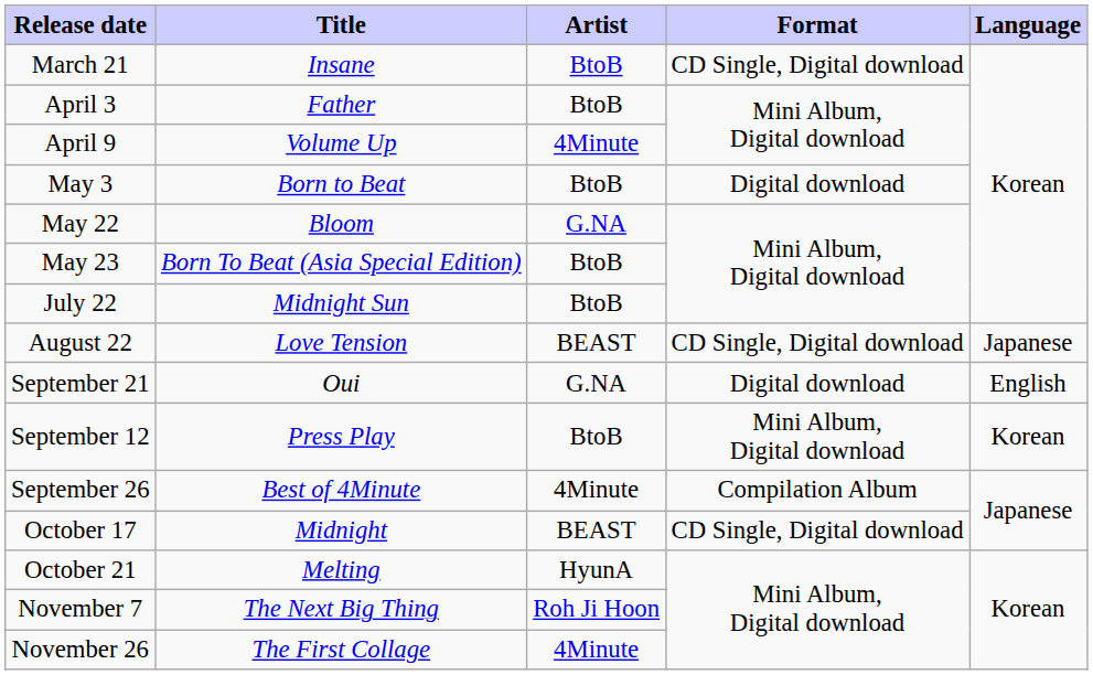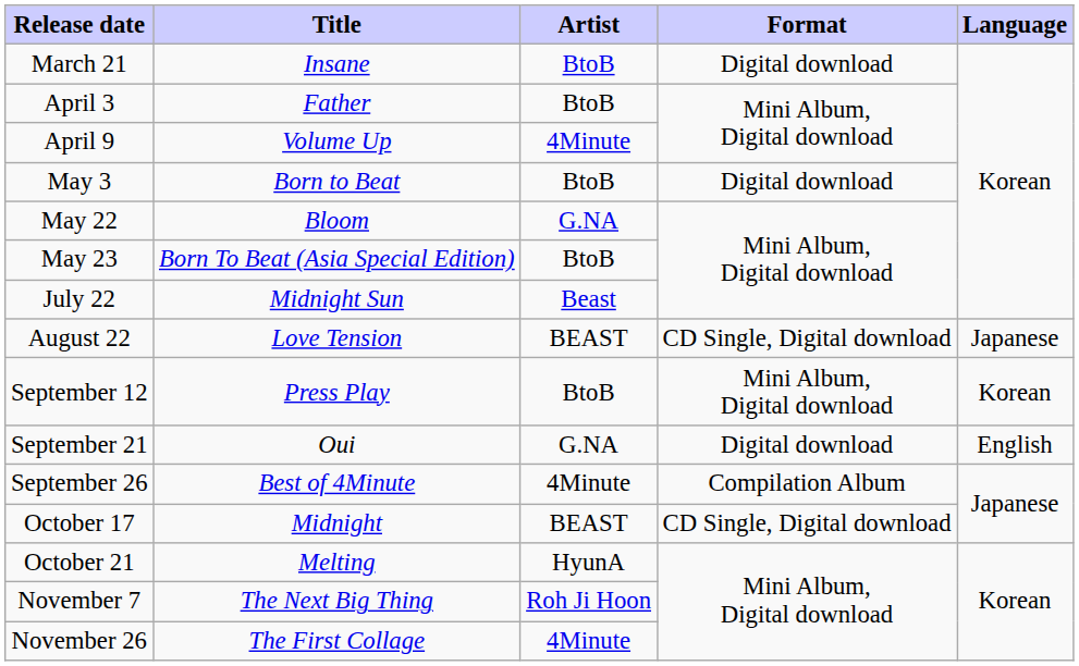 <table class="wikitable sortable" style="text-align:center">
 <tr>
 <th style="background:#CCF;">Release date</th>
 <th style="background:#CCF;">Title</th>
 <th style="background:#CCF;">Artist</th>
 <th style="background:#CCF;">Format</th>
 <th style="background:#CCF;">Language</th>
 </tr>
 <tr>
 <td>March 21</td>
 <td><em><a href='#'>Insane</a></em></td>
 <td><a href='#'>BtoB</a></td>
-<td>CD Single, Digital download</td>
+<td>Digital download</td>
 <td rowspan="7">Korean</td>
 </tr>
 <tr>
 <td>April 3</td>
 <td><em><a href='#'>Father</a></em></td>
 <td>BtoB</td>
 <td rowspan="2">Mini Album,<br>Digital download</td>
 </tr>
 <tr>
 <td>April 9</td>
 <td><em><a href='#'>Volume Up</a></em></td>
 <td><a href='#'>4Minute</a></td>
 </tr>
 <tr>
 <td>May 3</td>
 <td><em><a href='#'>Born to Beat</a></em></td>
 <td>BtoB</td>
 <td>Digital download</td>
 </tr>
 <tr>
 <td>May 22</td>
 <td><em><a href='#'>Bloom</a></em></td>
 <td><a href='#'>G.NA</a></td>
 <td rowspan="3">Mini Album,<br>Digital download</td>
 </tr>
 <tr>
 <td>May 23</td>
 <td><em><a href='#'>Born To Beat (Asia Special Edition)</a></em></td>
 <td>BtoB</td>
 </tr>
 <tr>
 <td>July 22</td>
 <td><em><a href='#'>Midnight Sun</a></em></td>
-<td>BtoB</td>
+<td><a href='#'>Beast</a></td>
 </tr>
 <tr>
 <td>August 22</td>
 <td><em><a href='#'>Love Tension</a></em></td>
 <td>BEAST</td>
 <td>CD Single, Digital download</td>
 <td>Japanese</td>
 </tr>
 <tr>
+<td>September 12</td>
+<td><em><a href='#'>Press Play</a></em></td>
+<td>BtoB</td>
+<td>Mini Album,<br>Digital download</td>
+<td>Korean</td>
+</tr>
+<tr>
 <td>September 21</td>
 <td><em>Oui</em></td>
 <td>G.NA</td>
 <td>Digital download</td>
 <td>English</td>
-</tr>
-<tr>
-<td>September 12</td>
-<td><em><a href='#'>Press Play</a></em></td>
-<td>BtoB</td>
-<td>Mini Album,<br>Digital download</td>
-<td>Korean</td>
 </tr>
 <tr>
 <td>September 26</td>
 <td><em><a href='#'>Best of 4Minute</a></em></td>
 <td>4Minute</td>
 <td>Compilation Album</td>
 <td rowspan="2">Japanese</td>
 </tr>
 <tr>
 <td>October 17</td>
 <td><em><a href='#'>Midnight</a></em></td>
 <td>BEAST</td>
 <td>CD Single, Digital download</td>
 </tr>
 <tr>
 <td>October 21</td>
 <td><em><a href='#'>Melting</a></em></td>
 <td>HyunA</td>
 <td rowspan="3">Mini Album,<br>Digital download</td>
 <td rowspan="3">Korean</td>
 </tr>
 <tr>
 <td>November 7</td>
 <td><em><a href='#'>The Next Big Thing</a></em></td>
 <td><a href='#'>Roh Ji Hoon</a></td>
 </tr>
 <tr>
 <td>November 26</td>
 <td><em><a href='#'>The First Collage</a></em></td>
 <td><a href='#'>4Minute</a></td>
 </tr>
 </table>
